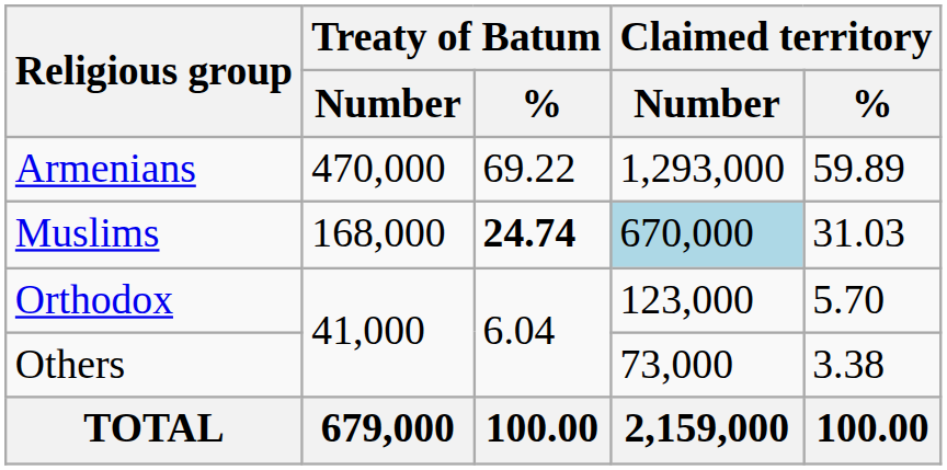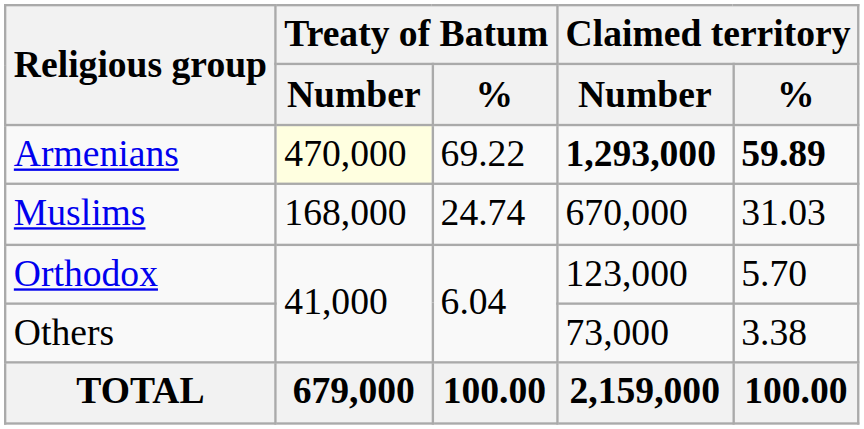 <table class="wikitable">
 <tr>
 <th rowspan="2">Religious group</th>
 <th colspan="2">Treaty of Batum</th>
 <th colspan="2">Claimed territory</th>
 </tr>
 <tr>
 <th>Number</th>
 <th>%</th>
 <th>Number</th>
 <th>%</th>
 </tr>
 <tr>
 <td><a href='#'>Armenians</a></td>
-<td>470,000</td>
+<td style="background: lightyellow;">470,000</td>
 <td>69.22</td>
-<td>1,293,000</td>
-<td>59.89</td>
+<td><strong>1,293,000</strong></td>
+<td><strong>59.89</strong></td>
 </tr>
 <tr>
 <td><a href='#'>Muslims</a></td>
 <td>168,000</td>
-<td><strong>24.74</strong></td>
-<td style="background: lightblue;">670,000</td>
+<td>24.74</td>
+<td>670,000</td>
 <td>31.03</td>
 </tr>
 <tr>
 <td><a href='#'>Orthodox</a></td>
 <td rowspan="2">41,000</td>
 <td rowspan="2">6.04</td>
 <td>123,000</td>
 <td>5.70</td>
 </tr>
 <tr>
 <td>Others</td>
 <td>73,000</td>
 <td>3.38</td>
 </tr>
 <tr>
 <th>TOTAL</th>
 <th>679,000</th>
 <th>100.00</th>
 <th>2,159,000</th>
 <th>100.00</th>
 </tr>
 </table>
